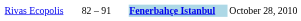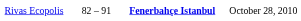 <table style="text-align:center">
 <tr>
 <th width=160></th>
 <th width=100></th>
 <th width=160></th>
 <th width=200></th>
 </tr>
 <tr>
 <td align=right><a href='#'>Rivas Ecopolis</a> </td>
 <td>82 – 91</td>
-<td align=left style="background: lightblue;"> <strong><a href='#'>Fenerbahçe Istanbul</a></strong></td>
+<td align=left> <strong><a href='#'>Fenerbahçe Istanbul</a></strong></td>
 <td align=left>October 28, 2010 </td>
 </tr>
 </table>
